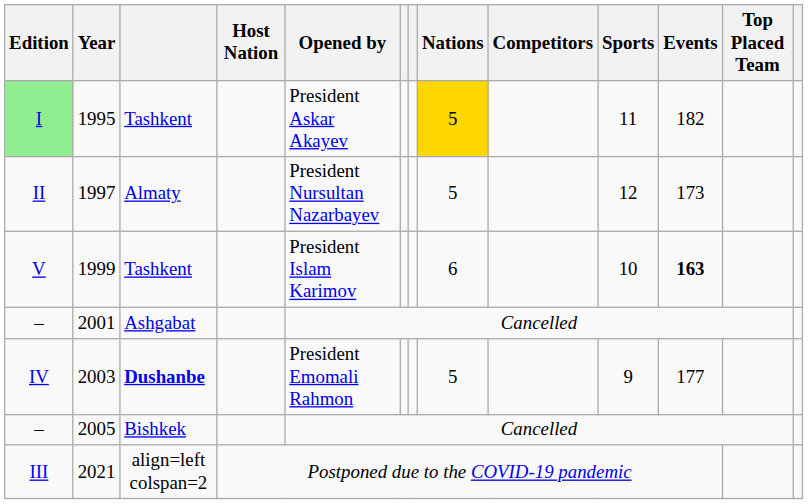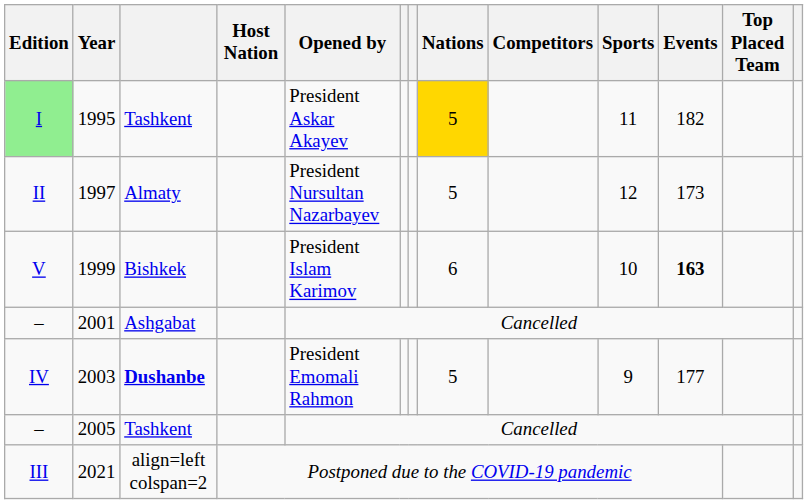 <table class="wikitable" style="text-align:center; font-size:90%;">
 <tr>
 <th>Edition</th>
 <th>Year</th>
 <th></th>
 <th>Host Nation</th>
 <th>Opened by</th>
 <th></th>
 <th></th>
 <th>Nations</th>
 <th>Competitors</th>
 <th>Sports</th>
 <th>Events</th>
 <th>Top Placed Team</th>
 <th></th>
 </tr>
 <tr>
 <td style="background: lightgreen;"><a href='#'>I</a></td>
 <td>1995</td>
 <td align=left><a href='#'>Tashkent</a></td>
 <td align=left></td>
 <td align=left>President <a href='#'>Askar Akayev</a></td>
 <td align=left></td>
 <td align=left></td>
 <td style="background: gold;">5</td>
 <td></td>
 <td>11</td>
 <td>182</td>
 <td align=left></td>
 <td></td>
 </tr>
 <tr>
 <td><a href='#'>II</a></td>
 <td>1997</td>
 <td align=left><a href='#'>Almaty</a></td>
 <td align=left></td>
 <td align=left>President <a href='#'>Nursultan Nazarbayev</a></td>
 <td align=left></td>
 <td align=left></td>
 <td>5</td>
 <td></td>
 <td>12</td>
 <td>173</td>
 <td align=left></td>
 <td></td>
 </tr>
 <tr>
 <td><a href='#'>V</a></td>
 <td>1999</td>
-<td align=left><a href='#'>Tashkent</a></td>
+<td align=left><a href='#'>Bishkek</a></td>
 <td align=left></td>
 <td align=left>President <a href='#'>Islam Karimov</a></td>
 <td align=left></td>
 <td align=left></td>
 <td>6</td>
 <td></td>
 <td>10</td>
 <td><strong>163</strong></td>
 <td align=left></td>
 <td></td>
 </tr>
 <tr>
 <td>–</td>
 <td>2001</td>
 <td align=left><a href='#'>Ashgabat</a></td>
 <td align=left></td>
 <td colspan=8 align=center><em>Cancelled</em></td>
 <td></td>
 </tr>
 <tr>
 <td><a href='#'>IV</a></td>
 <td>2003</td>
 <td align=left><strong><a href='#'>Dushanbe</a></strong></td>
 <td align=left></td>
 <td align=left>President <a href='#'>Emomali Rahmon</a></td>
 <td align=left></td>
 <td align=left></td>
 <td>5</td>
 <td></td>
 <td>9</td>
 <td>177</td>
 <td align=left></td>
 <td></td>
 </tr>
 <tr>
 <td>–</td>
 <td>2005</td>
-<td align=left><a href='#'>Bishkek</a></td>
+<td align=left><a href='#'>Tashkent</a></td>
 <td align=left></td>
 <td colspan=8 align=center><em>Cancelled</em></td>
 <td></td>
 </tr>
 <tr>
 <td><a href='#'>III</a></td>
 <td>2021</td>
 <td>align=left colspan=2 </td>
 <td colspan=8 align=center><em>Postponed due to the <a href='#'>COVID-19 pandemic</a></em></td>
 <td></td>
 </tr>
 </table>
